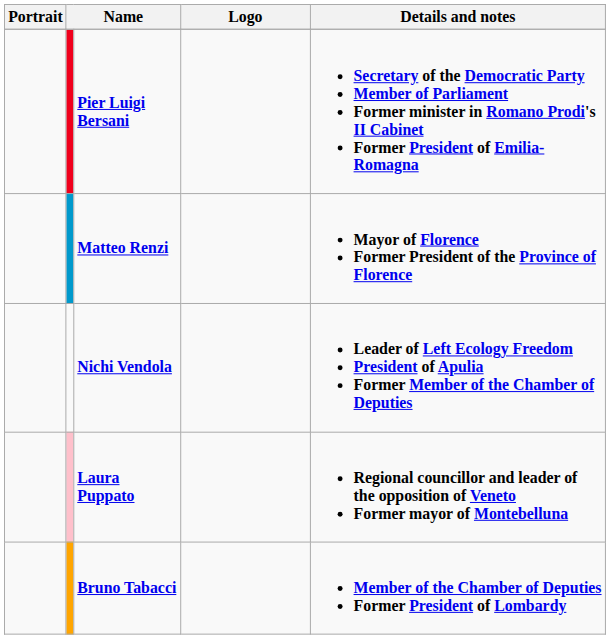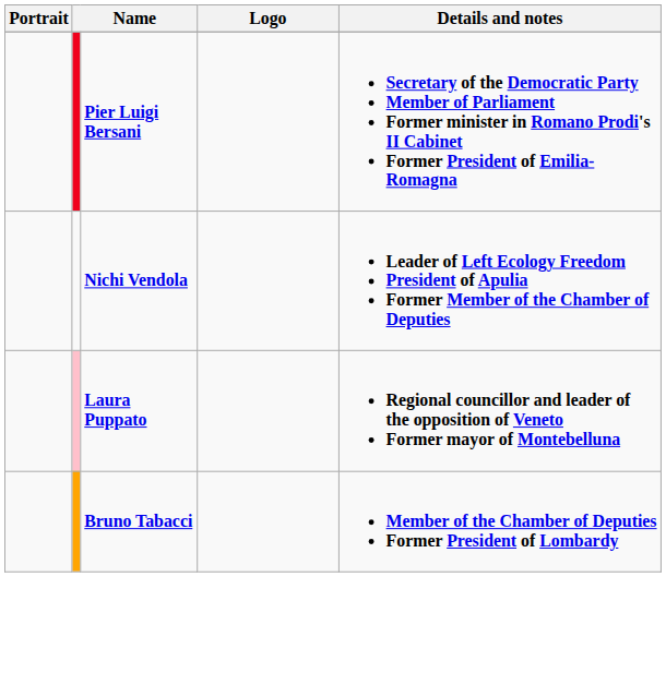 <table class="wikitable">
 <tr>
 <th>Portrait</th>
 <th colspan=2 width =20%>Name</th>
 <th width=25%>Logo</th>
 <th width = 70%>Details and notes</th>
 </tr>
 <tr>
 </tr>
 <tr>
 <td></td>
 <td style="background:#F0001C;"></td>
 <td><strong><a href='#'>Pier Luigi Bersani</a></strong></td>
 <td></td>
 <td width = 80%><br><ul><li><strong><a href='#'>Secretary</a> of the <a href='#'>Democratic Party</a></strong></li><li><strong><a href='#'>Member of Parliament</a></strong></li><li><strong>Former minister in <a href='#'>Romano Prodi</a>'s <a href='#'>II Cabinet</a></strong></li><li><strong>Former <a href='#'>President</a> of <a href='#'>Emilia-Romagna</a></strong></li></ul></td>
-</tr>
-<tr>
-<td></td>
-<td style="background:#0099CC;"></td>
-<td width=225><strong><a href='#'>Matteo Renzi</a></strong></td>
-<td></td>
-<td with=80%><br><ul><li><strong>Mayor of <a href='#'>Florence</a></strong></li><li><strong>Former President of the <a href='#'>Province of Florence</a></strong></li></ul></td>
 </tr>
 <tr>
 <td></td>
 <td style="color:inherit;background:"></td>
 <td width=225><strong><a href='#'>Nichi Vendola</a></strong></td>
 <td></td>
 <td width=80%><br><ul><li><strong>Leader of <a href='#'>Left Ecology Freedom</a></strong></li><li><strong><a href='#'>President</a> of <a href='#'>Apulia</a></strong></li><li><strong>Former <a href='#'>Member of the Chamber of Deputies</a></strong></li></ul></td>
 </tr>
 <tr>
 <td></td>
 <td style="background:pink;"></td>
 <td width=225><strong><a href='#'>Laura Puppato</a></strong></td>
 <td></td>
 <td width=80%><br><ul><li><strong>Regional councillor and leader of the opposition of <a href='#'>Veneto</a></strong></li><li><strong>Former mayor of <a href='#'>Montebelluna</a></strong></li></ul></td>
 </tr>
 <tr>
 <td></td>
 <td style="background:orange;"></td>
 <td width=225><strong><a href='#'>Bruno Tabacci</a></strong></td>
 <td></td>
 <td width=80%><br><ul><li><strong><a href='#'>Member of the Chamber of Deputies</a></strong></li><li><strong>Former <a href='#'>President</a> of <a href='#'>Lombardy</a></strong></li></ul></td>
 </tr>
 </table>
